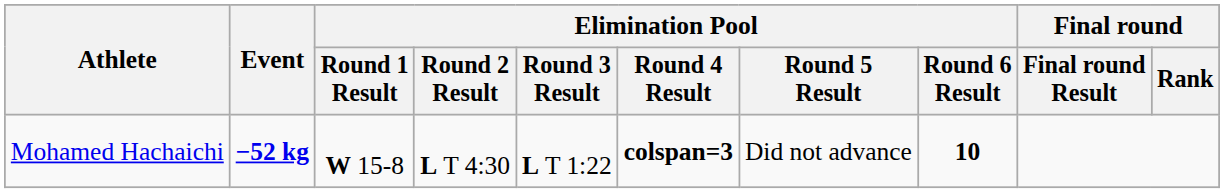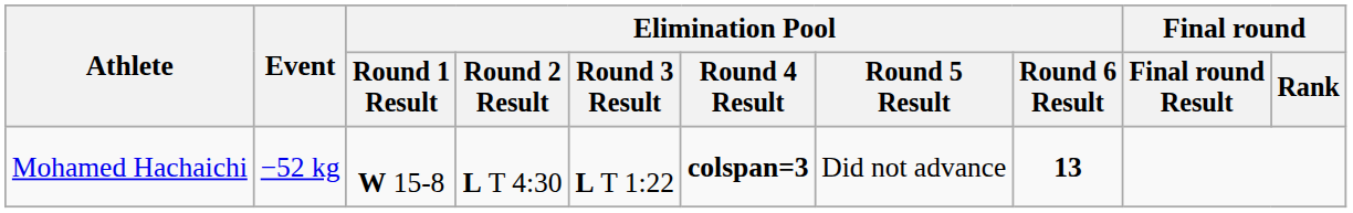 <table class="wikitable" style="font-size:90%">
 <tr>
 <th rowspan="2">Athlete</th>
 <th rowspan="2">Event</th>
 <th colspan=6>Elimination Pool</th>
 <th colspan=2>Final round</th>
 </tr>
 <tr style="font-size: 95%">
 <th>Round 1<br>Result</th>
 <th>Round 2<br>Result</th>
 <th>Round 3<br>Result</th>
 <th>Round 4<br>Result</th>
 <th>Round 5<br>Result</th>
 <th>Round 6<br>Result</th>
 <th>Final round<br>Result</th>
 <th>Rank</th>
 </tr>
 <tr align=center>
 <td align=left><a href='#'>Mohamed Hachaichi</a></td>
-<td align=left><strong><a href='#'>−52 kg</a></strong></td>
+<td align=left><a href='#'>−52 kg</a></td>
 <td><br><strong>W</strong> 15-8</td>
 <td><br><strong>L</strong> T 4:30</td>
 <td><br><strong>L</strong> T 1:22</td>
 <td><strong>colspan=3 </strong></td>
 <td>Did not advance</td>
-<td><strong>10</strong></td>
+<td><strong>13</strong></td>
 </tr>
 </table>
